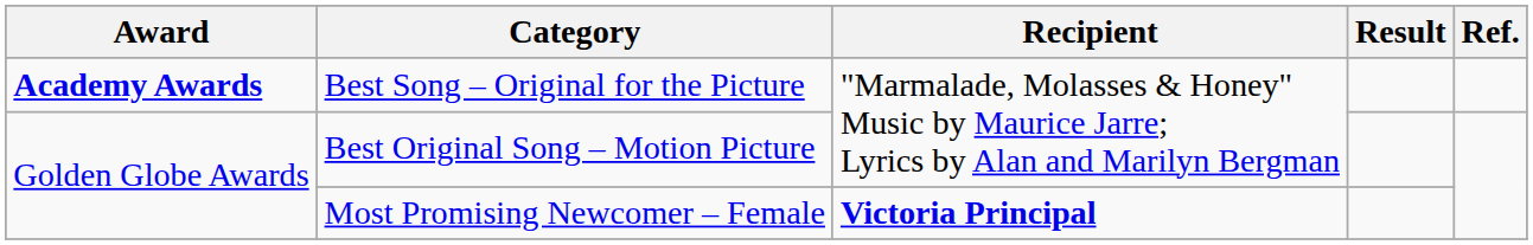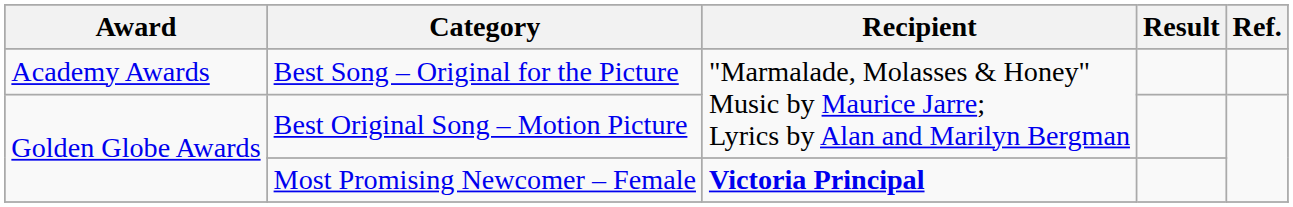 <table class="wikitable">
 <tr>
 <th>Award</th>
 <th>Category</th>
 <th>Recipient</th>
 <th>Result</th>
 <th>Ref.</th>
 </tr>
 <tr>
-<td><strong><a href='#'>Academy Awards</a></strong></td>
+<td><a href='#'>Academy Awards</a></td>
 <td><a href='#'>Best Song – Original for the Picture</a></td>
 <td rowspan="2">"Marmalade, Molasses & Honey" <br> Music by <a href='#'>Maurice Jarre</a>; <br> Lyrics by <a href='#'>Alan and Marilyn Bergman</a></td>
 <td></td>
 <td align="center"></td>
 </tr>
 <tr>
 <td rowspan="2"><a href='#'>Golden Globe Awards</a></td>
 <td><a href='#'>Best Original Song – Motion Picture</a></td>
 <td></td>
 <td align="center" rowspan="2"></td>
 </tr>
 <tr>
 <td><a href='#'>Most Promising Newcomer – Female</a></td>
 <td><strong><a href='#'>Victoria Principal</a></strong></td>
 <td></td>
 </tr>
 </table>
